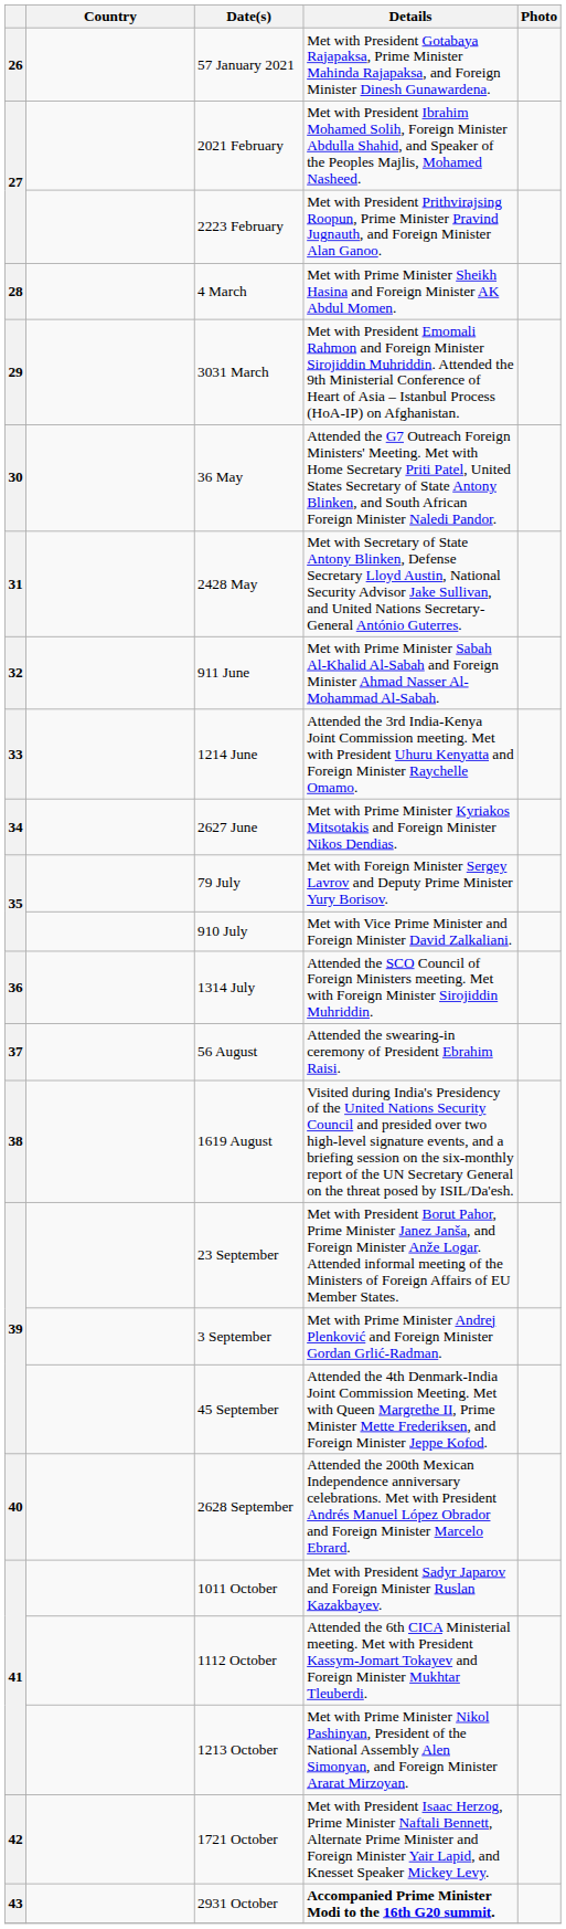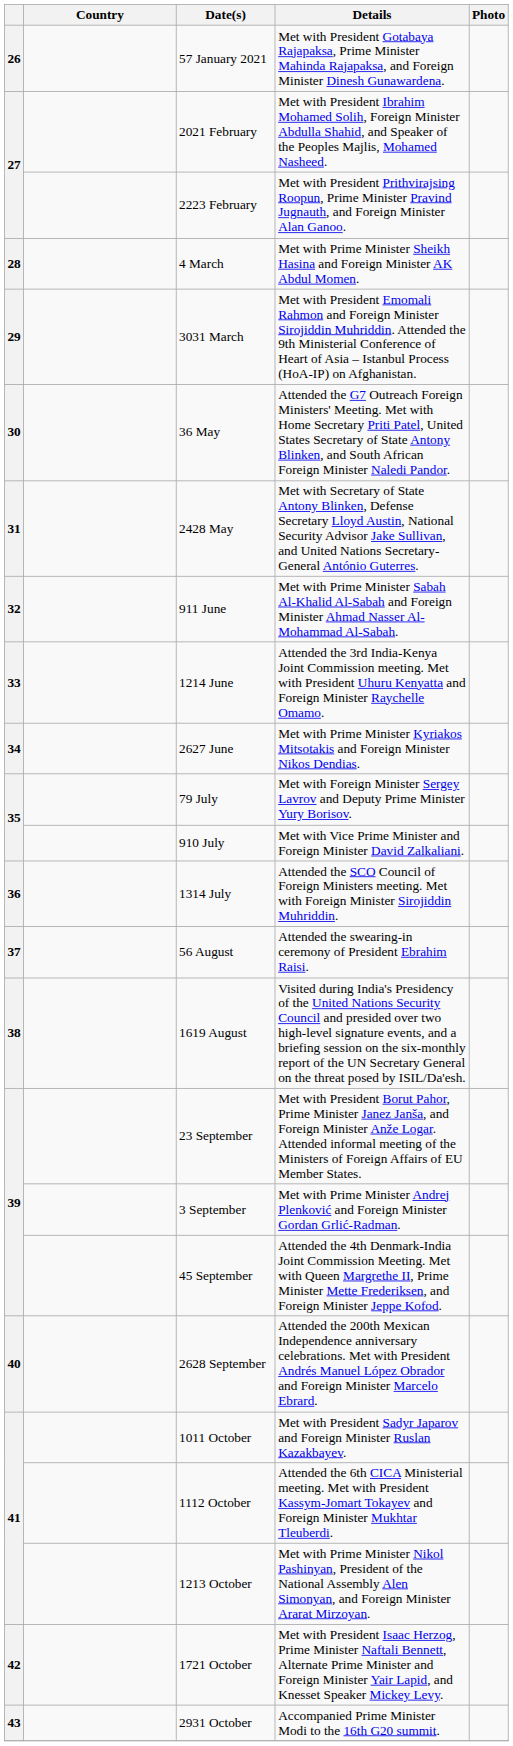 <table class="wikitable outercollapse sortable">
 <tr>
 <th></th>
 <th style="width:11em">Country</th>
 <th style="width:7em">Date(s)</th>
 <th class="unsortable">Details</th>
 <th>Photo</th>
 </tr>
 <tr>
 <th>26</th>
 <td></td>
 <td>57 January 2021</td>
 <td>Met with President <a href='#'>Gotabaya Rajapaksa</a>, Prime Minister <a href='#'>Mahinda Rajapaksa</a>, and Foreign Minister <a href='#'>Dinesh Gunawardena</a>.</td>
 <td></td>
 </tr>
 <tr>
 <th rowspan="2">27</th>
 <td></td>
 <td>2021 February</td>
 <td>Met with President <a href='#'>Ibrahim Mohamed Solih</a>, Foreign Minister <a href='#'>Abdulla Shahid</a>, and Speaker of the Peoples Majlis, <a href='#'>Mohamed Nasheed</a>.</td>
 <td></td>
 </tr>
 <tr>
 <td></td>
 <td>2223 February</td>
 <td>Met with President <a href='#'>Prithvirajsing Roopun</a>, Prime Minister <a href='#'>Pravind Jugnauth</a>, and Foreign Minister <a href='#'>Alan Ganoo</a>.</td>
 <td></td>
 </tr>
 <tr>
 <th>28</th>
 <td></td>
 <td>4 March</td>
 <td>Met with Prime Minister <a href='#'>Sheikh Hasina</a> and Foreign Minister <a href='#'>AK Abdul Momen</a>.</td>
 <td></td>
 </tr>
 <tr>
 <th>29</th>
 <td></td>
 <td>3031 March</td>
 <td>Met with President <a href='#'>Emomali Rahmon</a> and Foreign Minister <a href='#'>Sirojiddin Muhriddin</a>. Attended the 9th Ministerial Conference of Heart of Asia – Istanbul Process (HoA-IP) on Afghanistan.</td>
 <td></td>
 </tr>
 <tr>
 <th>30</th>
 <td></td>
 <td>36 May</td>
 <td>Attended the <a href='#'>G7</a> Outreach Foreign Ministers' Meeting. Met with Home Secretary <a href='#'>Priti Patel</a>, United States Secretary of State <a href='#'>Antony Blinken</a>, and South African Foreign Minister <a href='#'>Naledi Pandor</a>.</td>
 <td></td>
 </tr>
 <tr>
 <th>31</th>
 <td></td>
 <td>2428 May</td>
 <td>Met with Secretary of State <a href='#'>Antony Blinken</a>, Defense Secretary <a href='#'>Lloyd Austin</a>, National Security Advisor <a href='#'>Jake Sullivan</a>, and United Nations Secretary-General <a href='#'>António Guterres</a>.</td>
 <td></td>
 </tr>
 <tr>
 <th>32</th>
 <td></td>
 <td>911 June</td>
 <td>Met with Prime Minister <a href='#'>Sabah Al-Khalid Al-Sabah</a> and Foreign Minister <a href='#'>Ahmad Nasser Al-Mohammad Al-Sabah</a>.</td>
 <td></td>
 </tr>
 <tr>
 <th>33</th>
 <td></td>
 <td>1214 June</td>
 <td>Attended the 3rd India-Kenya Joint Commission meeting. Met with President <a href='#'>Uhuru Kenyatta</a> and Foreign Minister <a href='#'>Raychelle Omamo</a>.</td>
 <td></td>
 </tr>
 <tr>
 <th>34</th>
 <td></td>
 <td>2627 June</td>
 <td>Met with Prime Minister <a href='#'>Kyriakos Mitsotakis</a> and Foreign Minister <a href='#'>Nikos Dendias</a>.</td>
 <td></td>
 </tr>
 <tr>
 <th rowspan="2">35</th>
 <td></td>
 <td>79 July</td>
 <td>Met with Foreign Minister <a href='#'>Sergey Lavrov</a> and Deputy Prime Minister <a href='#'>Yury Borisov</a>.</td>
 <td></td>
 </tr>
 <tr>
 <td></td>
 <td>910 July</td>
 <td>Met with Vice Prime Minister and Foreign Minister <a href='#'>David Zalkaliani</a>.</td>
 <td></td>
 </tr>
 <tr>
 <th>36</th>
 <td></td>
 <td>1314 July</td>
 <td>Attended the <a href='#'>SCO</a> Council of Foreign Ministers meeting. Met with Foreign Minister <a href='#'>Sirojiddin Muhriddin</a>.</td>
 <td></td>
 </tr>
 <tr>
 <th>37</th>
 <td></td>
 <td>56 August</td>
 <td>Attended the swearing-in ceremony of President <a href='#'>Ebrahim Raisi</a>.</td>
 <td></td>
 </tr>
 <tr>
 <th>38</th>
 <td><br></td>
 <td>1619 August</td>
 <td>Visited during India's Presidency of the <a href='#'>United Nations Security Council</a> and presided over two high-level signature events, and a briefing session on the six-monthly report of the UN Secretary General on the threat posed by ISIL/Da'esh.</td>
 <td></td>
 </tr>
 <tr>
 <th rowspan="3">39</th>
 <td></td>
 <td>23 September</td>
 <td>Met with President <a href='#'>Borut Pahor</a>, Prime Minister <a href='#'>Janez Janša</a>, and Foreign Minister <a href='#'>Anže Logar</a>. Attended informal meeting of the Ministers of Foreign Affairs of EU Member States.</td>
 <td></td>
 </tr>
 <tr>
 <td></td>
 <td>3 September</td>
 <td>Met with Prime Minister <a href='#'>Andrej Plenković</a> and Foreign Minister <a href='#'>Gordan Grlić-Radman</a>.</td>
 <td></td>
 </tr>
 <tr>
 <td></td>
 <td>45 September</td>
 <td>Attended the 4th Denmark-India Joint Commission Meeting. Met with Queen <a href='#'>Margrethe II</a>, Prime Minister <a href='#'>Mette Frederiksen</a>, and Foreign Minister <a href='#'>Jeppe Kofod</a>.</td>
 <td></td>
 </tr>
 <tr>
 <th>40</th>
 <td></td>
 <td>2628 September</td>
 <td>Attended the 200th Mexican Independence anniversary celebrations. Met with President <a href='#'>Andrés Manuel López Obrador</a> and Foreign Minister <a href='#'>Marcelo Ebrard</a>.</td>
 <td></td>
 </tr>
 <tr>
 <th rowspan="3">41</th>
 <td></td>
 <td>1011 October</td>
 <td>Met with President <a href='#'>Sadyr Japarov</a> and Foreign Minister <a href='#'>Ruslan Kazakbayev</a>.</td>
 <td></td>
 </tr>
 <tr>
 <td></td>
 <td>1112 October</td>
 <td>Attended the 6th <a href='#'>CICA</a> Ministerial meeting. Met with President <a href='#'>Kassym-Jomart Tokayev</a> and Foreign Minister <a href='#'>Mukhtar Tleuberdi</a>.</td>
 <td></td>
 </tr>
 <tr>
 <td></td>
 <td>1213 October</td>
 <td>Met with Prime Minister <a href='#'>Nikol Pashinyan</a>, President of the National Assembly <a href='#'>Alen Simonyan</a>, and Foreign Minister <a href='#'>Ararat Mirzoyan</a>.</td>
 <td></td>
 </tr>
 <tr>
 <th>42</th>
 <td></td>
 <td>1721 October</td>
 <td>Met with President <a href='#'>Isaac Herzog</a>, Prime Minister <a href='#'>Naftali Bennett</a>, Alternate Prime Minister and Foreign Minister <a href='#'>Yair Lapid</a>, and Knesset Speaker <a href='#'>Mickey Levy</a>.</td>
 <td></td>
 </tr>
 <tr>
 <th>43</th>
 <td></td>
 <td>2931 October</td>
-<td><strong>Accompanied Prime Minister Modi to the <a href='#'>16th G20 summit</a>.</strong></td>
+<td>Accompanied Prime Minister Modi to the <a href='#'>16th G20 summit</a>.</td>
 <td></td>
 </tr>
 <tr>
 </tr>
 </table>
